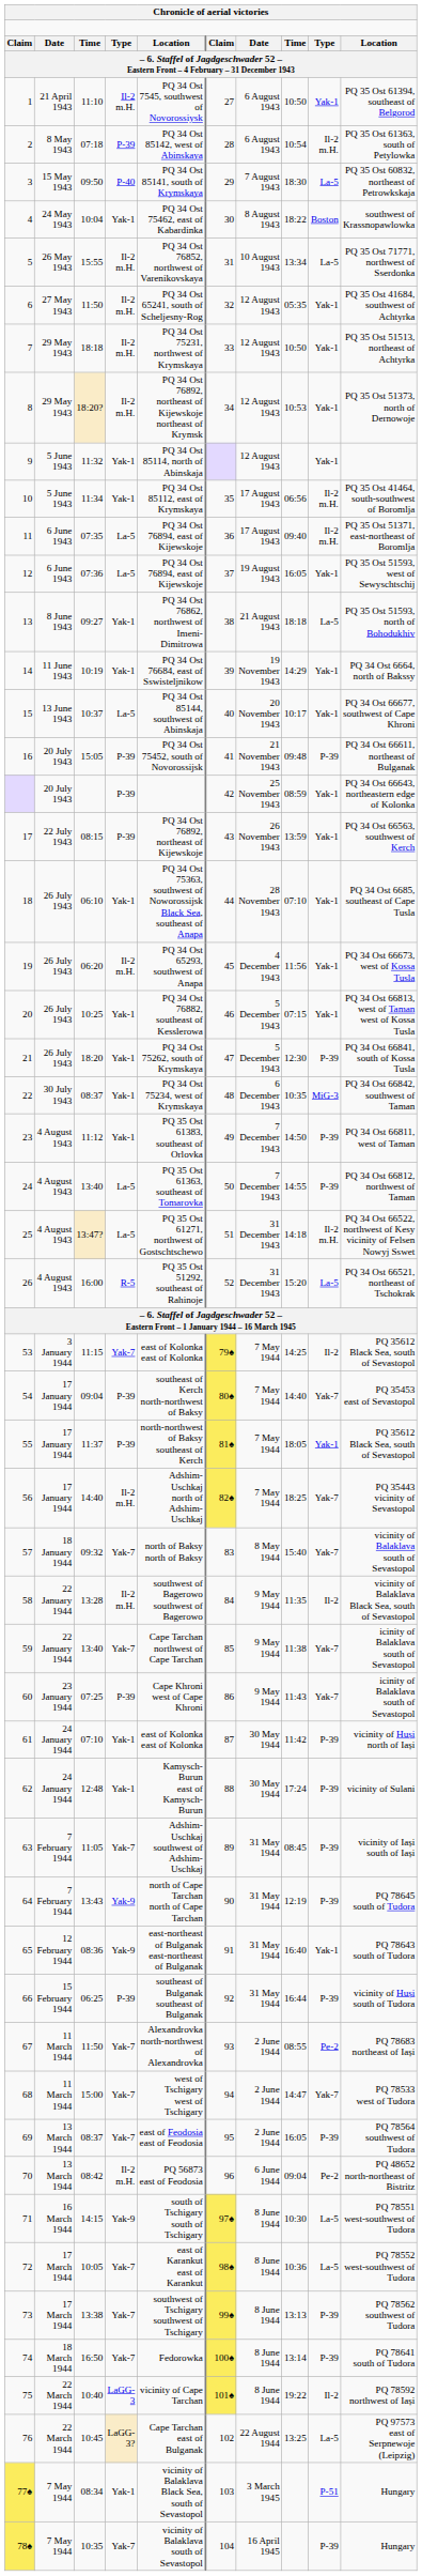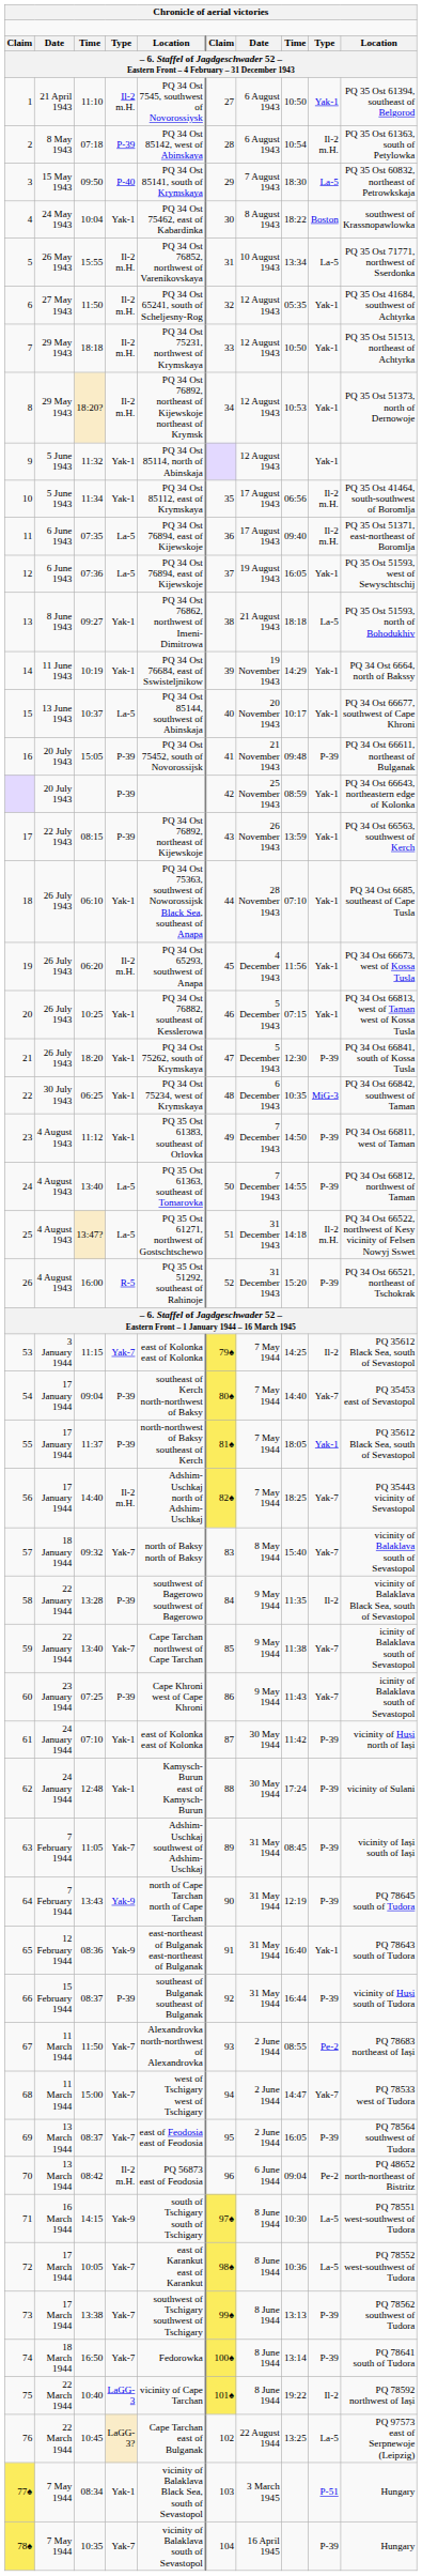 <table class="wikitable plainrowheaders collapsible" style="margin-left: auto; margin-right: auto; border: none; text-align:right; width: 100%;">
 <tr>
 <th colspan="10">Chronicle of aerial victories</th>
 </tr>
 <tr>
 <td colspan="10" style="text-align: left;"><br>  </td>
 </tr>
 <tr>
 <th scope="col">Claim</th>
 <th scope="col">Date</th>
 <th scope="col">Time</th>
 <th scope="col" width="100px">Type</th>
 <th scope="col">Location</th>
 <th scope="col" style="border-left: 3px solid grey;">Claim</th>
 <th scope="col">Date</th>
 <th scope="col">Time</th>
 <th scope="col" width="100px">Type</th>
 <th scope="col">Location</th>
 </tr>
 <tr>
 <th colspan="10">– 6. <em>Staffel</em> of <em>Jagdgeschwader</em> 52 –<br><small>Eastern Front – 4 February – 31 December 1943</small></th>
 </tr>
 <tr>
 <td>1</td>
 <td>21 April 1943</td>
 <td>11:10</td>
 <td><a href='#'>Il-2</a> m.H.</td>
 <td>PQ 34 Ost 7545,  southwest of <a href='#'>Novorossiysk</a></td>
 <td style="border-left: 3px solid grey;">27</td>
 <td>6 August 1943</td>
 <td>10:50</td>
 <td><a href='#'>Yak-1</a></td>
 <td>PQ 35 Ost 61394,  southeast of <a href='#'>Belgorod</a></td>
 </tr>
 <tr>
 <td>2</td>
 <td>8 May 1943</td>
 <td>07:18</td>
 <td><a href='#'>P-39</a></td>
 <td>PQ 34 Ost 85142,  west of <a href='#'>Abinskaya</a></td>
 <td style="border-left: 3px solid grey;">28</td>
 <td>6 August 1943</td>
 <td>10:54</td>
 <td>Il-2 m.H.</td>
 <td>PQ 35 Ost 61363,  south of Petylowka</td>
 </tr>
 <tr>
 <td>3</td>
 <td>15 May 1943</td>
 <td>09:50</td>
 <td><a href='#'>P-40</a></td>
 <td>PQ 34 Ost 85141,  south of <a href='#'>Krymskaya</a></td>
 <td style="border-left: 3px solid grey;">29</td>
 <td>7 August 1943</td>
 <td>18:30</td>
 <td><a href='#'>La-5</a></td>
 <td>PQ 35 Ost 60832,  northeast of Petrowkskaja</td>
 </tr>
 <tr>
 <td>4</td>
 <td>24 May 1943</td>
 <td>10:04</td>
 <td>Yak-1</td>
 <td>PQ 34 Ost 75462, east of Kabardinka</td>
 <td style="border-left: 3px solid grey;">30</td>
 <td>8 August 1943</td>
 <td>18:22</td>
 <td><a href='#'>Boston</a></td>
 <td> southwest of Krassnopawlowka</td>
 </tr>
 <tr>
 <td>5</td>
 <td>26 May 1943</td>
 <td>15:55</td>
 <td>Il-2 m.H.</td>
 <td>PQ 34 Ost 76852,  northwest of Varenikovskaya</td>
 <td style="border-left: 3px solid grey;">31</td>
 <td>10 August 1943</td>
 <td>13:34</td>
 <td>La-5</td>
 <td>PQ 35 Ost 71771,  northwest of Sserdonka</td>
 </tr>
 <tr>
 <td>6</td>
 <td>27 May 1943</td>
 <td>11:50</td>
 <td>Il-2 m.H.</td>
 <td>PQ 34 Ost 65241,  south of Scheljesny-Rog</td>
 <td style="border-left: 3px solid grey;">32</td>
 <td>12 August 1943</td>
 <td>05:35</td>
 <td>Yak-1</td>
 <td>PQ 35 Ost 41684,  southwest of Achtyrka</td>
 </tr>
 <tr>
 <td>7</td>
 <td>29 May 1943</td>
 <td>18:18</td>
 <td>Il-2 m.H.</td>
 <td>PQ 34 Ost 75231,  northwest of Krymskaya</td>
 <td style="border-left: 3px solid grey;">33</td>
 <td>12 August 1943</td>
 <td>10:50</td>
 <td>Yak-1</td>
 <td>PQ 35 Ost 51513,  northeast of Achtyrka</td>
 </tr>
 <tr>
 <td>8</td>
 <td>29 May 1943</td>
 <td style="background:#faecc8">18:20?</td>
 <td>Il-2 m.H.</td>
 <td>PQ 34 Ost 76892,  northeast of Kijewskoje<br> northeast of Krymsk</td>
 <td style="border-left: 3px solid grey;">34</td>
 <td>12 August 1943</td>
 <td>10:53</td>
 <td>Yak-1</td>
 <td>PQ 35 Ost 51373,  north of Dernowoje</td>
 </tr>
 <tr>
 <td>9</td>
 <td>5 June 1943</td>
 <td>11:32</td>
 <td>Yak-1</td>
 <td>PQ 34 Ost 85114,  north of Abinskaja</td>
 <td style="border-left: 3px solid grey; background:#e3d9ff;"></td>
 <td>12 August 1943</td>
 <td></td>
 <td>Yak-1</td>
 <td></td>
 </tr>
 <tr>
 <td>10</td>
 <td>5 June 1943</td>
 <td>11:34</td>
 <td>Yak-1</td>
 <td>PQ 34 Ost 85112,  east of Krymskaya</td>
 <td style="border-left: 3px solid grey;">35</td>
 <td>17 August 1943</td>
 <td>06:56</td>
 <td>Il-2 m.H.</td>
 <td>PQ 35 Ost 41464,  south-southwest of Boromlja</td>
 </tr>
 <tr>
 <td>11</td>
 <td>6 June 1943</td>
 <td>07:35</td>
 <td>La-5</td>
 <td>PQ 34 Ost 76894,  east of Kijewskoje</td>
 <td style="border-left: 3px solid grey;">36</td>
 <td>17 August 1943</td>
 <td>09:40</td>
 <td>Il-2 m.H.</td>
 <td>PQ 35 Ost 51371,  east-northeast of Boromlja</td>
 </tr>
 <tr>
 <td>12</td>
 <td>6 June 1943</td>
 <td>07:36</td>
 <td>La-5</td>
 <td>PQ 34 Ost 76894,  east of Kijewskoje</td>
 <td style="border-left: 3px solid grey;">37</td>
 <td>19 August 1943</td>
 <td>16:05</td>
 <td>Yak-1</td>
 <td>PQ 35 Ost 51593,  west of Sewyschtschij</td>
 </tr>
 <tr>
 <td>13</td>
 <td>8 June 1943</td>
 <td>09:27</td>
 <td>Yak-1</td>
 <td>PQ 34 Ost 76862,  northwest of Imeni-Dimitrowa</td>
 <td style="border-left: 3px solid grey;">38</td>
 <td>21 August 1943</td>
 <td>18:18</td>
 <td>La-5</td>
 <td>PQ 35 Ost 51593,  north of <a href='#'>Bohodukhiv</a></td>
 </tr>
 <tr>
 <td>14</td>
 <td>11 June 1943</td>
 <td>10:19</td>
 <td>Yak-1</td>
 <td>PQ 34 Ost 76684,  east of Sswisteljnikow</td>
 <td style="border-left: 3px solid grey;">39</td>
 <td>19 November 1943</td>
 <td>14:29</td>
 <td>Yak-1</td>
 <td>PQ 34 Ost 6664,  north of Bakssy</td>
 </tr>
 <tr>
 <td>15</td>
 <td>13 June 1943</td>
 <td>10:37</td>
 <td>La-5</td>
 <td>PQ 34 Ost 85144,  southwest of Abinskaja</td>
 <td style="border-left: 3px solid grey;">40</td>
 <td>20 November 1943</td>
 <td>10:17</td>
 <td>Yak-1</td>
 <td>PQ 34 Ost 66677,  southwest of Cape Khroni</td>
 </tr>
 <tr>
 <td>16</td>
 <td>20 July 1943</td>
 <td>15:05</td>
 <td>P-39</td>
 <td>PQ 34 Ost 75452,  south of Novorossijsk</td>
 <td style="border-left: 3px solid grey;">41</td>
 <td>21 November 1943</td>
 <td>09:48</td>
 <td>P-39</td>
 <td>PQ 34 Ost 66611,  northeast of Bulganak</td>
 </tr>
 <tr>
 <td style="background:#e3d9ff;"></td>
 <td>20 July 1943</td>
 <td></td>
 <td>P-39</td>
 <td></td>
 <td style="border-left: 3px solid grey;">42</td>
 <td>25 November 1943</td>
 <td>08:59</td>
 <td>Yak-1</td>
 <td>PQ 34 Ost 66643, northeastern edge of Kolonka</td>
 </tr>
 <tr>
 <td>17</td>
 <td>22 July 1943</td>
 <td>08:15</td>
 <td>P-39</td>
 <td>PQ 34 Ost 76892,  northeast of Kijewskoje</td>
 <td style="border-left: 3px solid grey;">43</td>
 <td>26 November 1943</td>
 <td>13:59</td>
 <td>Yak-1</td>
 <td>PQ 34 Ost 66563,  southwest of <a href='#'>Kerch</a></td>
 </tr>
 <tr>
 <td>18</td>
 <td>26 July 1943</td>
 <td>06:10</td>
 <td>Yak-1</td>
 <td>PQ 34 Ost 75363,  southwest of Noworossijsk<br><a href='#'>Black Sea</a>, southeast of <a href='#'>Anapa</a></td>
 <td style="border-left: 3px solid grey;">44</td>
 <td>28 November 1943</td>
 <td>07:10</td>
 <td>Yak-1</td>
 <td>PQ 34 Ost 6685,  southeast of Cape Tusla</td>
 </tr>
 <tr>
 <td>19</td>
 <td>26 July 1943</td>
 <td>06:20</td>
 <td>Il-2 m.H.</td>
 <td>PQ 34 Ost 65293,  southwest of Anapa</td>
 <td style="border-left: 3px solid grey;">45</td>
 <td>4 December 1943</td>
 <td>11:56</td>
 <td>Yak-1</td>
 <td>PQ 34 Ost 66673,  west of <a href='#'>Kossa Tusla</a></td>
 </tr>
 <tr>
 <td>20</td>
 <td>26 July 1943</td>
 <td>10:25</td>
 <td>Yak-1</td>
 <td>PQ 34 Ost 76882,  southeast of Kesslerowa</td>
 <td style="border-left: 3px solid grey;">46</td>
 <td>5 December 1943</td>
 <td>07:15</td>
 <td>Yak-1</td>
 <td>PQ 34 Ost 66813,  west of <a href='#'>Taman</a><br> west of Kossa Tusla</td>
 </tr>
 <tr>
 <td>21</td>
 <td>26 July 1943</td>
 <td>18:20</td>
 <td>Yak-1</td>
 <td>PQ 34 Ost 75262,  south of Krymskaya</td>
 <td style="border-left: 3px solid grey;">47</td>
 <td>5 December 1943</td>
 <td>12:30</td>
 <td>P-39</td>
 <td>PQ 34 Ost 66841,  south of Kossa Tusla</td>
 </tr>
 <tr>
 <td>22</td>
 <td>30 July 1943</td>
-<td>08:37</td>
+<td>06:25</td>
 <td>Yak-1</td>
 <td>PQ 34 Ost 75234,  west of Krymskaya</td>
 <td style="border-left: 3px solid grey;">48</td>
 <td>6 December 1943</td>
 <td>10:35</td>
 <td><a href='#'>MiG-3</a></td>
 <td>PQ 34 Ost 66842,  southwest of Taman</td>
 </tr>
 <tr>
 <td>23</td>
 <td>4 August 1943</td>
 <td>11:12</td>
 <td>Yak-1</td>
 <td>PQ 35 Ost 61383,  southeast of Orlovka</td>
 <td style="border-left: 3px solid grey;">49</td>
 <td>7 December 1943</td>
 <td>14:50</td>
 <td>P-39</td>
 <td>PQ 34 Ost 66811,  west of Taman</td>
 </tr>
 <tr>
 <td>24</td>
 <td>4 August 1943</td>
 <td>13:40</td>
 <td>La-5</td>
 <td>PQ 35 Ost 61363,  southeast of <a href='#'>Tomarovka</a></td>
 <td style="border-left: 3px solid grey;">50</td>
 <td>7 December 1943</td>
 <td>14:55</td>
 <td>P-39</td>
 <td>PQ 34 Ost 66812,  northwest of Taman</td>
 </tr>
 <tr>
 <td>25</td>
 <td>4 August 1943</td>
 <td style="background:#faecc8">13:47?</td>
 <td>La-5</td>
 <td>PQ 35 Ost 61271,  northwest of Gostschtschewo</td>
 <td style="border-left: 3px solid grey;">51</td>
 <td>31 December 1943</td>
 <td>14:18</td>
 <td>Il-2 m.H.</td>
 <td>PQ 34 Ost 66522,  northwest of Kesy<br>vicinity of Felsen Nowyj Sswet</td>
 </tr>
 <tr>
 <td>26</td>
 <td>4 August 1943</td>
 <td>16:00</td>
 <td><a href='#'>R-5</a></td>
 <td>PQ 35 Ost 51292,  southeast of Rahinoje</td>
 <td style="border-left: 3px solid grey;">52</td>
 <td>31 December 1943</td>
 <td>15:20</td>
-<td><a href='#'>La-5</a></td>
+<td>P-39</td>
 <td>PQ 34 Ost 66521,  northeast of Tschokrak</td>
 </tr>
 <tr>
 <th colspan="10">– 6. <em>Staffel</em> of <em>Jagdgeschwader</em> 52 –<br><small>Eastern Front – 1 January 1944 – 16 March 1945</small></th>
 </tr>
 <tr>
 <td>53</td>
 <td>3 January 1944</td>
 <td>11:15</td>
 <td><a href='#'>Yak-7</a></td>
 <td>east of Kolonka<br> east of Kolonka</td>
 <td style="border-left: 3px solid grey; background:#fbec5d;">79♠</td>
 <td>7 May 1944</td>
 <td>14:25</td>
 <td>Il-2</td>
 <td>PQ 35612<br>Black Sea,  south of Sevastopol</td>
 </tr>
 <tr>
 <td>54</td>
 <td>17 January 1944</td>
 <td>09:04</td>
 <td>P-39</td>
 <td>southeast of Kerch<br> north-northwest of Baksy</td>
 <td style="border-left: 3px solid grey; background:#fbec5d;">80♠</td>
 <td>7 May 1944</td>
 <td>14:40</td>
 <td>Yak-7</td>
 <td>PQ 35453<br> east of Sevastopol</td>
 </tr>
 <tr>
 <td>55</td>
 <td>17 January 1944</td>
 <td>11:37</td>
 <td>P-39</td>
 <td>north-northwest of Baksy<br> southeast of Kerch</td>
 <td style="border-left: 3px solid grey; background:#fbec5d;">81♠</td>
 <td>7 May 1944</td>
 <td>18:05</td>
 <td><a href='#'>Yak-1</a></td>
 <td>PQ 35612<br>Black Sea,  south of Sevastopol</td>
 </tr>
 <tr>
 <td>56</td>
 <td>17 January 1944</td>
 <td>14:40</td>
 <td>Il-2 m.H.</td>
 <td>Adshim-Uschkaj<br> north of Adshim-Uschkaj</td>
 <td style="border-left: 3px solid grey; background:#fbec5d;">82♠</td>
 <td>7 May 1944</td>
 <td>18:25</td>
 <td>Yak-7</td>
 <td>PQ 35443<br>vicinity of Sevastopol</td>
 </tr>
 <tr>
 <td>57</td>
 <td>18 January 1944</td>
 <td>09:32</td>
 <td>Yak-7</td>
 <td>north of Baksy<br> north of Baksy</td>
 <td style="border-left: 3px solid grey;">83</td>
 <td>8 May 1944</td>
 <td>15:40</td>
 <td>Yak-7</td>
 <td>vicinity of <a href='#'>Balaklava</a><br> south of Sevastopol</td>
 </tr>
 <tr>
 <td>58</td>
 <td>22 January 1944</td>
 <td>13:28</td>
-<td>Il-2 m.H.</td>
+<td>P-39</td>
 <td>southwest of Bagerowo<br> southwest of Bagerowo</td>
 <td style="border-left: 3px solid grey;">84</td>
 <td>9 May 1944</td>
 <td>11:35</td>
 <td>Il-2</td>
 <td>vicinity of Balaklava<br>Black Sea,  south of Sevastopol</td>
 </tr>
 <tr>
 <td>59</td>
 <td>22 January 1944</td>
 <td>13:40</td>
 <td>Yak-7</td>
 <td>Cape Tarchan<br> northwest of Cape Tarchan</td>
 <td style="border-left: 3px solid grey;">85</td>
 <td>9 May 1944</td>
 <td>11:38</td>
 <td>Yak-7</td>
 <td>icinity of Balaklava<br> south of Sevastopol</td>
 </tr>
 <tr>
 <td>60</td>
 <td>23 January 1944</td>
 <td>07:25</td>
 <td>P-39</td>
 <td>Cape Khroni<br> west of Cape Khroni</td>
 <td style="border-left: 3px solid grey;">86</td>
 <td>9 May 1944</td>
 <td>11:43</td>
 <td>Yak-7</td>
 <td>icinity of Balaklava<br> south of Sevastopol</td>
 </tr>
 <tr>
 <td>61</td>
 <td>24 January 1944</td>
 <td>07:10</td>
 <td>Yak-1</td>
 <td>east of Kolonka<br> east of Kolonka</td>
 <td style="border-left: 3px solid grey;">87</td>
 <td>30 May 1944</td>
 <td>11:42</td>
 <td>P-39</td>
 <td>vicinity of <a href='#'>Huși</a><br> north of Iași</td>
 </tr>
 <tr>
 <td>62</td>
 <td>24 January 1944</td>
 <td>12:48</td>
 <td>Yak-1</td>
 <td>Kamysch-Burun<br> east of Kamysch-Burun</td>
 <td style="border-left: 3px solid grey;">88</td>
 <td>30 May 1944</td>
 <td>17:24</td>
 <td>P-39</td>
 <td>vicinity of Sulani</td>
 </tr>
 <tr>
 <td>63</td>
 <td>7 February 1944</td>
 <td>11:05</td>
 <td>Yak-7</td>
 <td>Adshim-Uschkaj<br> southwest of Adshim-Uschkaj</td>
 <td style="border-left: 3px solid grey;">89</td>
 <td>31 May 1944</td>
 <td>08:45</td>
 <td>P-39</td>
 <td>vicinity of Iași<br> south of Iași</td>
 </tr>
 <tr>
 <td>64</td>
 <td>7 February 1944</td>
 <td>13:43</td>
 <td><a href='#'>Yak-9</a></td>
 <td>north of Cape Tarchan<br> north of Cape Tarchan</td>
 <td style="border-left: 3px solid grey;">90</td>
 <td>31 May 1944</td>
 <td>12:19</td>
 <td>P-39</td>
 <td>PQ 78645<br> south of <a href='#'>Tudora</a></td>
 </tr>
 <tr>
 <td>65</td>
 <td>12 February 1944</td>
 <td>08:36</td>
 <td>Yak-9</td>
 <td>east-northeast of Bulganak<br> east-northeast of Bulganak</td>
 <td style="border-left: 3px solid grey;">91</td>
 <td>31 May 1944</td>
 <td>16:40</td>
 <td>Yak-1</td>
 <td>PQ 78643<br> south of Tudora</td>
 </tr>
 <tr>
 <td>66</td>
 <td>15 February 1944</td>
-<td>06:25</td>
+<td>08:37</td>
 <td>P-39</td>
 <td>southeast of Bulganak<br> southeast of Bulganak</td>
 <td style="border-left: 3px solid grey;">92</td>
 <td>31 May 1944</td>
 <td>16:44</td>
 <td>P-39</td>
 <td>vicinity of <a href='#'>Huși</a><br> south of Tudora</td>
 </tr>
 <tr>
 <td>67</td>
 <td>11 March 1944</td>
 <td>11:50</td>
 <td>Yak-7</td>
 <td>Alexandrovka<br> north-northwest of Alexandrovka</td>
 <td style="border-left: 3px solid grey;">93</td>
 <td>2 June 1944</td>
 <td>08:55</td>
 <td><a href='#'>Pe-2</a></td>
 <td>PQ 78683<br> northeast of Iași</td>
 </tr>
 <tr>
 <td>68</td>
 <td>11 March 1944</td>
 <td>15:00</td>
 <td>Yak-7</td>
 <td>west of Tschigary<br> west of Tschigary</td>
 <td style="border-left: 3px solid grey;">94</td>
 <td>2 June 1944</td>
 <td>14:47</td>
 <td>Yak-7</td>
 <td>PQ 78533<br> west of Tudora</td>
 </tr>
 <tr>
 <td>69</td>
 <td>13 March 1944</td>
 <td>08:37</td>
 <td>Yak-7</td>
 <td>east of <a href='#'>Feodosia</a><br> east of Feodosia</td>
 <td style="border-left: 3px solid grey;">95</td>
 <td>2 June 1944</td>
 <td>16:05</td>
 <td>P-39</td>
 <td>PQ 78564<br> southwest of Tudora</td>
 </tr>
 <tr>
 <td>70</td>
 <td>13 March 1944</td>
 <td>08:42</td>
 <td>Il-2 m.H.</td>
 <td>PQ 56873<br> east of Feodosia</td>
 <td style="border-left: 3px solid grey;">96</td>
 <td>6 June 1944</td>
 <td>09:04</td>
 <td>Pe-2</td>
 <td>PQ 48652<br> north-northeast of Bistritz</td>
 </tr>
 <tr>
 <td>71</td>
 <td>16 March 1944</td>
 <td>14:15</td>
 <td>Yak-9</td>
 <td>south of Tschigary<br> south of Tschigary</td>
 <td style="border-left: 3px solid grey; background:#fbec5d;">97♠</td>
 <td>8 June 1944</td>
 <td>10:30</td>
 <td>La-5</td>
 <td>PQ 78551<br> west-southwest of Tudora</td>
 </tr>
 <tr>
 <td>72</td>
 <td>17 March 1944</td>
 <td>10:05</td>
 <td>Yak-7</td>
 <td>east of Karankut<br> east of Karankut</td>
 <td style="border-left: 3px solid grey; background:#fbec5d;">98♠</td>
 <td>8 June 1944</td>
 <td>10:36</td>
 <td>La-5</td>
 <td>PQ 78552<br> west-southwest of Tudora</td>
 </tr>
 <tr>
 <td>73</td>
 <td>17 March 1944</td>
 <td>13:38</td>
 <td>Yak-7</td>
 <td>southwest of Tschigary<br> southwest of Tschigary</td>
 <td style="border-left: 3px solid grey; background:#fbec5d;">99♠</td>
 <td>8 June 1944</td>
 <td>13:13</td>
 <td>P-39</td>
 <td>PQ 78562<br> southwest of Tudora</td>
 </tr>
 <tr>
 <td>74</td>
 <td>18 March 1944</td>
 <td>16:50</td>
 <td>Yak-7</td>
 <td>Fedorowka</td>
 <td style="border-left: 3px solid grey; background:#fbec5d;">100♠</td>
 <td>8 June 1944</td>
 <td>13:14</td>
 <td>P-39</td>
 <td>PQ 78641<br> south of Tudora</td>
 </tr>
 <tr>
 <td>75</td>
 <td>22 March 1944</td>
 <td>10:40</td>
 <td><a href='#'>LaGG-3</a></td>
 <td>vicinity of Cape Tarchan</td>
 <td style="border-left: 3px solid grey; background:#fbec5d;">101♠</td>
 <td>8 June 1944</td>
 <td>19:22</td>
 <td>Il-2</td>
 <td>PQ 78592<br> northwest of Iași</td>
 </tr>
 <tr>
 <td>76</td>
 <td>22 March 1944</td>
 <td>10:45</td>
 <td style="background:#faecc8">LaGG-3?</td>
 <td>Cape Tarchan<br>east of Bulganak</td>
 <td style="border-left: 3px solid grey;">102</td>
 <td>22 August 1944</td>
 <td>13:25</td>
 <td>La-5</td>
 <td>PQ 97573<br> east of Serpnewoje (Leipzig)</td>
 </tr>
 <tr>
 <td style="background:#fbec5d;">77♠</td>
 <td>7 May 1944</td>
 <td>08:34</td>
 <td>Yak-1</td>
 <td>vicinity of Balaklava<br>Black Sea,  south of Sevastopol</td>
 <td style="border-left: 3px solid grey;">103</td>
 <td>3 March 1945</td>
 <td></td>
 <td><a href='#'>P-51</a></td>
 <td>Hungary</td>
 </tr>
 <tr>
 <td style="background:#fbec5d;">78♠</td>
 <td>7 May 1944</td>
 <td>10:35</td>
 <td>Yak-7</td>
 <td>vicinity of Balaklava<br> south of Sevastopol</td>
 <td style="border-left: 3px solid grey;">104</td>
 <td>16 April 1945</td>
 <td></td>
 <td>P-39</td>
 <td>Hungary</td>
 </tr>
 </table>
